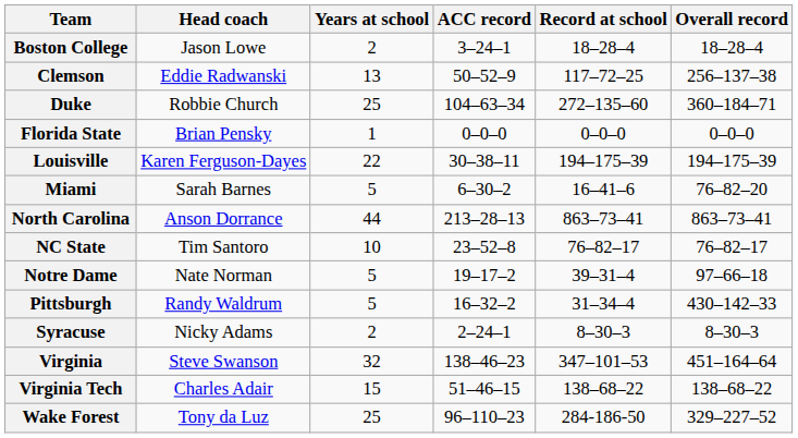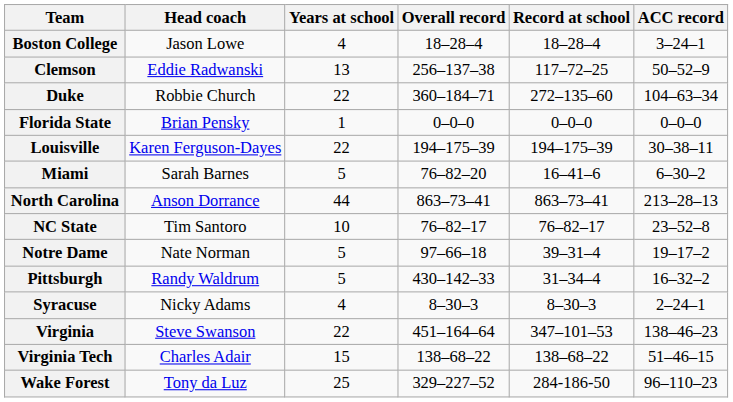 <table class="wikitable sortable" style="text-align: center;">
 <tr>
 <th width="110">Team</th>
 <th>Head coach</th>
 <th>Years at school</th>
+<th>Overall record</th>
+<th>Record at school</th>
 <th>ACC record</th>
-<th>Record at school</th>
-<th>Overall record</th>
 </tr>
 <tr>
 <th>Boston College</th>
 <td>Jason Lowe</td>
-<td>2</td>
-<td>3–24–1</td>
+<td>4</td>
 <td>18–28–4</td>
 <td>18–28–4</td>
+<td>3–24–1</td>
 </tr>
 <tr>
 <th>Clemson</th>
 <td><a href='#'>Eddie Radwanski</a></td>
 <td>13</td>
+<td>256–137–38</td>
+<td>117–72–25</td>
 <td>50–52–9</td>
-<td>117–72–25</td>
-<td>256–137–38</td>
 </tr>
 <tr>
 <th>Duke</th>
 <td>Robbie Church</td>
-<td>25</td>
+<td>22</td>
+<td>360–184–71</td>
+<td>272–135–60</td>
 <td>104–63–34</td>
-<td>272–135–60</td>
-<td>360–184–71</td>
 </tr>
 <tr>
 <th>Florida State</th>
 <td><a href='#'>Brian Pensky</a></td>
 <td>1</td>
 <td>0–0–0</td>
 <td>0–0–0</td>
 <td>0–0–0</td>
 </tr>
 <tr>
 <th>Louisville</th>
 <td><a href='#'>Karen Ferguson-Dayes</a></td>
 <td>22</td>
-<td>30–38–11</td>
 <td>194–175–39</td>
 <td>194–175–39</td>
+<td>30–38–11</td>
 </tr>
 <tr>
 <th>Miami</th>
 <td>Sarah Barnes</td>
 <td>5</td>
+<td>76–82–20</td>
+<td>16–41–6</td>
 <td>6–30–2</td>
-<td>16–41–6</td>
-<td>76–82–20</td>
 </tr>
 <tr>
 <th>North Carolina</th>
 <td><a href='#'>Anson Dorrance</a></td>
 <td>44</td>
-<td>213–28–13</td>
 <td>863–73–41</td>
 <td>863–73–41</td>
+<td>213–28–13</td>
 </tr>
 <tr>
 <th>NC State</th>
 <td>Tim Santoro</td>
 <td>10</td>
-<td>23–52–8</td>
 <td>76–82–17</td>
 <td>76–82–17</td>
+<td>23–52–8</td>
 </tr>
 <tr>
 <th>Notre Dame</th>
 <td>Nate Norman</td>
 <td>5</td>
+<td>97–66–18</td>
+<td>39–31–4</td>
 <td>19–17–2</td>
-<td>39–31–4</td>
-<td>97–66–18</td>
 </tr>
 <tr>
 <th>Pittsburgh</th>
 <td><a href='#'>Randy Waldrum</a></td>
 <td>5</td>
+<td>430–142–33</td>
+<td>31–34–4</td>
 <td>16–32–2</td>
-<td>31–34–4</td>
-<td>430–142–33</td>
 </tr>
 <tr>
 <th>Syracuse</th>
 <td>Nicky Adams</td>
-<td>2</td>
-<td>2–24–1</td>
+<td>4</td>
 <td>8–30–3</td>
 <td>8–30–3</td>
+<td>2–24–1</td>
 </tr>
 <tr>
 <th>Virginia</th>
 <td><a href='#'>Steve Swanson</a></td>
-<td>32</td>
+<td>22</td>
+<td>451–164–64</td>
+<td>347–101–53</td>
 <td>138–46–23</td>
-<td>347–101–53</td>
-<td>451–164–64</td>
 </tr>
 <tr>
 <th>Virginia Tech</th>
 <td><a href='#'>Charles Adair</a></td>
 <td>15</td>
-<td>51–46–15</td>
 <td>138–68–22</td>
 <td>138–68–22</td>
+<td>51–46–15</td>
 </tr>
 <tr>
 <th>Wake Forest</th>
 <td><a href='#'>Tony da Luz</a></td>
 <td>25</td>
+<td>329–227–52</td>
+<td>284-186-50</td>
 <td>96–110–23</td>
-<td>284-186-50</td>
-<td>329–227–52</td>
 </tr>
 </table>
